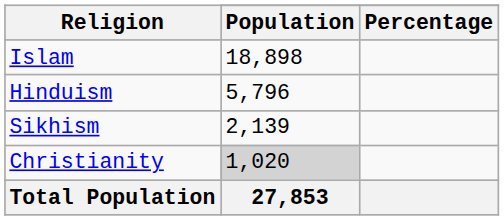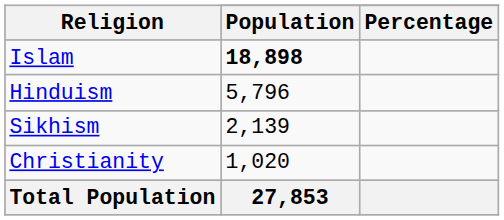 <table class="wikitable" style="float:right;">
 <tr>
 <th rowspan="2">Religion</th>
 </tr>
 <tr>
 <th>Population</th>
 <th>Percentage</th>
 </tr>
 <tr>
 <td><a href='#'>Islam</a> </td>
-<td>18,898</td>
+<td><strong>18,898</strong></td>
 <td></td>
 </tr>
 <tr>
 <td><a href='#'>Hinduism</a> </td>
 <td>5,796</td>
 <td></td>
 </tr>
 <tr>
 <td><a href='#'>Sikhism</a> </td>
 <td>2,139</td>
 <td></td>
 </tr>
 <tr>
 <td><a href='#'>Christianity</a> </td>
-<td style="background: lightgrey;">1,020</td>
+<td>1,020</td>
 <td></td>
 </tr>
 <tr>
 <th>Total Population</th>
 <th>27,853</th>
 <th></th>
 </tr>
 </table>
